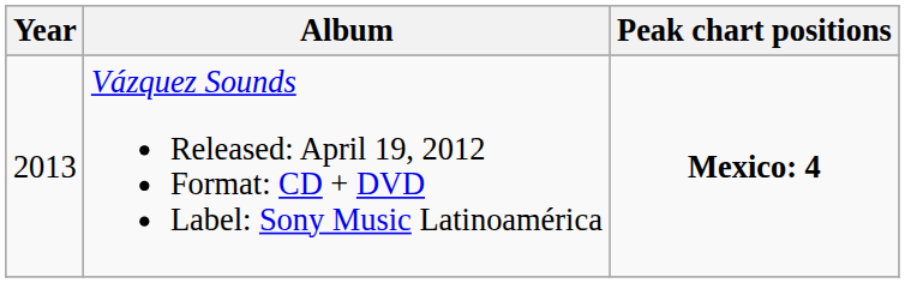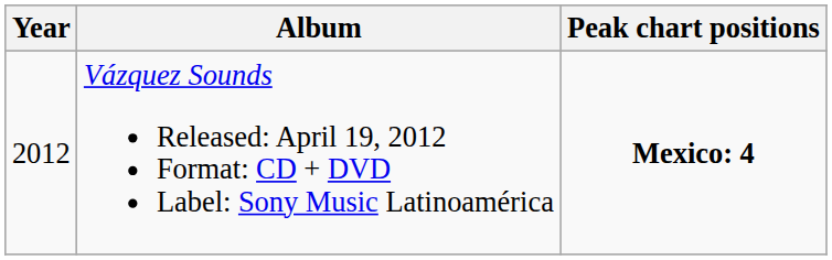 <table class="wikitable" style="text-align:center;">
 <tr>
 <th rowspan="1">Year</th>
 <th rowspan="1">Album</th>
 <th colspan="1">Peak chart positions</th>
 </tr>
 <tr>
-<td>2013</td>
+<td>2012</td>
 <td align="left"><em><a href='#'>Vázquez Sounds</a></em><br><ul><li>Released: April 19, 2012</li><li>Format: <a href='#'>CD</a> + <a href='#'>DVD</a></li><li>Label: <a href='#'>Sony Music</a> Latinoamérica</li></ul></td>
 <td><strong>Mexico: 4</strong></td>
 </tr>
 </table>
